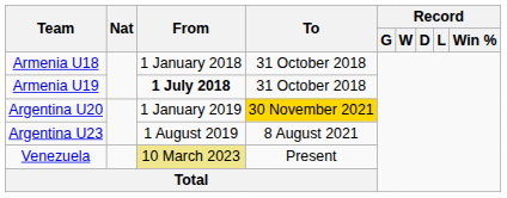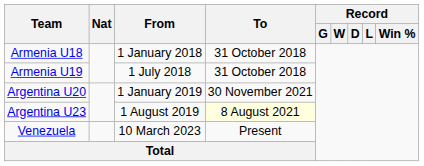 <table class="wikitable" style="text-align: center">
 <tr>
 <th rowspan="2">Team</th>
 <th rowspan="2">Nat</th>
 <th rowspan="2">From</th>
 <th rowspan="2">To</th>
 <th colspan="5">Record</th>
 </tr>
 <tr>
 <th>G</th>
 <th>W</th>
 <th>D</th>
 <th>L</th>
 <th>Win %</th>
 </tr>
 <tr>
 <td align=center><a href='#'>Armenia U18</a></td>
 <td rowspan="2"></td>
 <td align=center>1 January 2018</td>
 <td align=center>31 October 2018<br></td>
 </tr>
 <tr>
 <td align=center><a href='#'>Armenia U19</a></td>
-<td align=center><strong>1 July 2018</strong></td>
+<td align=center>1 July 2018</td>
 <td align=center>31 October 2018<br></td>
 </tr>
 <tr>
 <td align=center><a href='#'>Argentina U20</a></td>
 <td rowspan="2"></td>
 <td align=center>1 January 2019</td>
-<td align=center style="background: gold;">30 November 2021<br></td>
+<td align=center>30 November 2021<br></td>
 </tr>
 <tr>
 <td align=center><a href='#'>Argentina U23</a></td>
 <td align=center>1 August 2019</td>
-<td align=center>8 August 2021<br></td>
+<td align=center style="background: lightyellow;">8 August 2021<br></td>
 </tr>
 <tr>
 <td align=center><a href='#'>Venezuela</a></td>
 <td></td>
-<td align=center style="background: khaki;">10 March 2023</td>
+<td align=center>10 March 2023</td>
 <td align=center>Present<br></td>
 </tr>
 <tr align=center>
 <th colspan="4">Total<br></th>
 </tr>
 </table>
